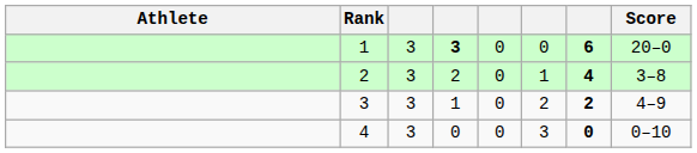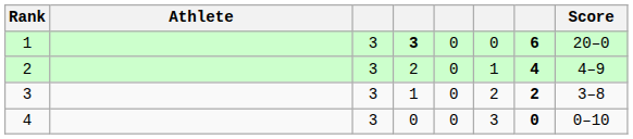 <table class="wikitable" style="text-align: center; font-size:90% ">
 <tr>
+<th width=25>Rank</th>
 <th width=225>Athlete</th>
-<th width=25>Rank</th>
 <th width=25></th>
 <th width=25></th>
 <th width=25></th>
 <th width=25></th>
 <th width=25></th>
 <th width=50>Score</th>
 </tr>
 <tr bgcolor="ccffcc">
+<td>1</td>
 <td align=left></td>
-<td>1</td>
 <td>3</td>
 <td><strong>3</strong></td>
 <td>0</td>
 <td>0</td>
 <td><strong>6</strong></td>
 <td>20–0</td>
 </tr>
 <tr bgcolor="ccffcc">
+<td>2</td>
 <td align=left></td>
-<td>2</td>
 <td>3</td>
 <td>2</td>
 <td>0</td>
 <td>1</td>
 <td><strong>4</strong></td>
-<td>3–8</td>
+<td>4–9</td>
 </tr>
 <tr>
+<td>3</td>
 <td align=left></td>
-<td>3</td>
 <td>3</td>
 <td>1</td>
 <td>0</td>
 <td>2</td>
 <td><strong>2</strong></td>
-<td>4–9</td>
+<td>3–8</td>
 </tr>
 <tr>
+<td>4</td>
 <td align=left></td>
-<td>4</td>
 <td>3</td>
 <td>0</td>
 <td>0</td>
 <td>3</td>
 <td><strong>0</strong></td>
 <td>0–10</td>
 </tr>
 </table>
